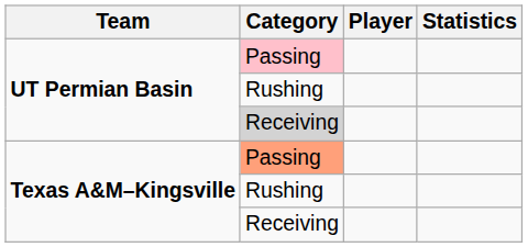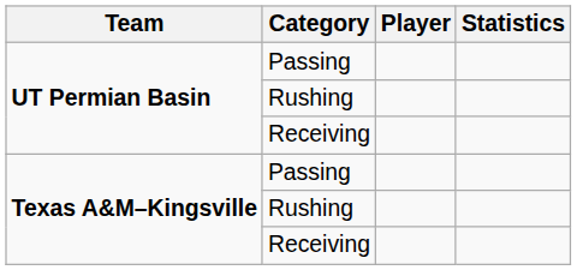 <table class="wikitable" style="float: right;">
 <tr>
 <th>Team</th>
 <th>Category</th>
 <th>Player</th>
 <th>Statistics</th>
 </tr>
 <tr>
 <td rowspan=3><strong>UT Permian Basin</strong></td>
-<td style="background: pink;">Passing</td>
+<td>Passing</td>
 <td></td>
 <td></td>
 </tr>
 <tr>
 <td>Rushing</td>
 <td></td>
 <td></td>
 </tr>
 <tr>
-<td style="background: lightgrey;">Receiving</td>
+<td>Receiving</td>
 <td></td>
 <td></td>
 </tr>
 <tr>
 <td rowspan=3><strong>Texas A&M–Kingsville</strong></td>
-<td style="background: lightsalmon;">Passing</td>
+<td>Passing</td>
 <td></td>
 <td></td>
 </tr>
 <tr>
 <td>Rushing</td>
 <td></td>
 <td></td>
 </tr>
 <tr>
 <td>Receiving</td>
 <td></td>
 <td></td>
 </tr>
 </table>
